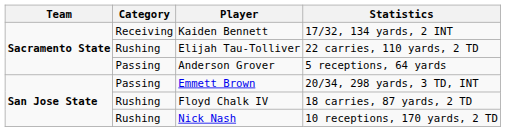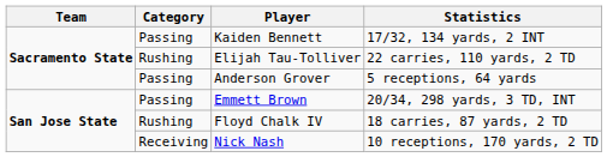 <table class="wikitable" style="float: right;">
 <tr>
 <th>Team</th>
 <th>Category</th>
 <th>Player</th>
 <th>Statistics</th>
 </tr>
 <tr>
 <td rowspan=3><strong>Sacramento State</strong></td>
-<td>Receiving</td>
+<td>Passing</td>
 <td>Kaiden Bennett</td>
 <td>17/32, 134 yards, 2 INT</td>
 </tr>
 <tr>
 <td>Rushing</td>
 <td>Elijah Tau-Tolliver</td>
 <td>22 carries, 110 yards, 2 TD</td>
 </tr>
 <tr>
 <td>Passing</td>
 <td>Anderson Grover</td>
 <td>5 receptions, 64 yards</td>
 </tr>
 <tr>
 <td rowspan=3><strong>San Jose State</strong></td>
 <td>Passing</td>
 <td><a href='#'>Emmett Brown</a></td>
 <td>20/34, 298 yards, 3 TD, INT</td>
 </tr>
 <tr>
 <td>Rushing</td>
 <td>Floyd Chalk IV</td>
 <td>18 carries, 87 yards, 2 TD</td>
 </tr>
 <tr>
-<td>Rushing</td>
+<td>Receiving</td>
 <td><a href='#'>Nick Nash</a></td>
 <td>10 receptions, 170 yards, 2 TD</td>
 </tr>
 </table>
